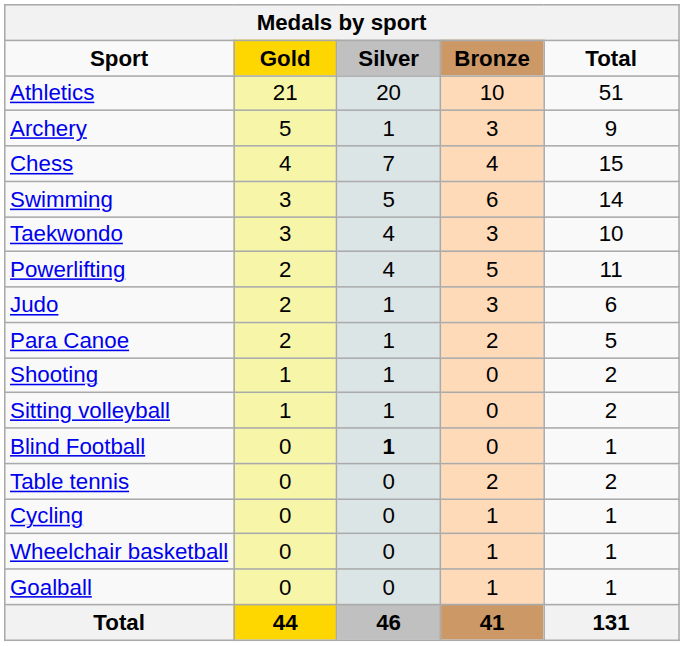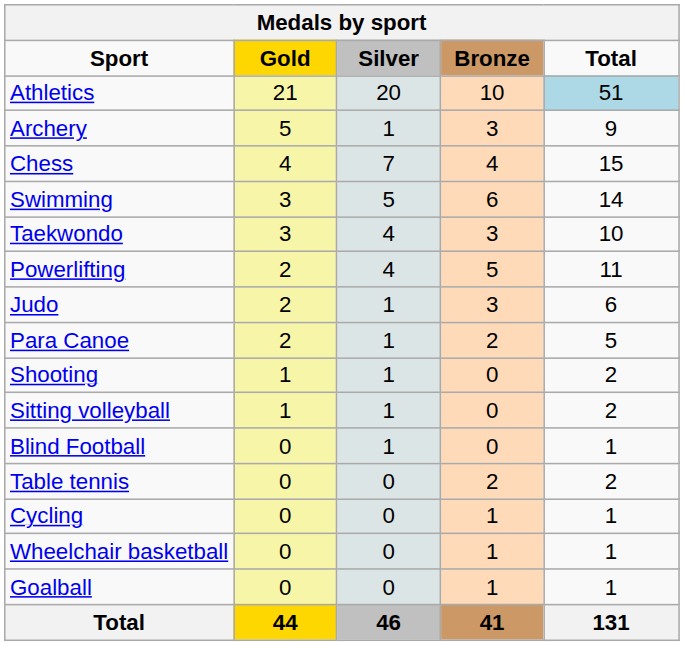 <table class="wikitable" style="font-size:90%; text-align:center;">
 <tr style="background:#efefef;">
 <th colspan=5>Medals by sport</th>
 </tr>
 <tr>
 <td><strong>Sport</strong></td>
 <td width=60 style="background:gold;"><strong>Gold </strong></td>
 <td width=60 style="background:silver;"><strong>Silver </strong></td>
 <td width=60 style="background:#c96;"><strong>Bronze </strong></td>
 <td width=80><strong>Total</strong></td>
 </tr>
 <tr>
 <td align=left> <a href='#'>Athletics</a></td>
 <td style="background:#F7F6A8;">21</td>
 <td style="background:#DCE5E5;">20</td>
 <td style="background:#FFDAB9;">10</td>
-<td>51</td>
+<td style="background: lightblue;">51</td>
 </tr>
 <tr>
 <td align=left> <a href='#'>Archery</a></td>
 <td style="background:#F7F6A8;">5</td>
 <td style="background:#DCE5E5;">1</td>
 <td style="background:#FFDAB9;">3</td>
 <td>9</td>
 </tr>
 <tr>
 <td align=left> <a href='#'>Chess</a></td>
 <td style="background:#F7F6A8;">4</td>
 <td style="background:#DCE5E5;">7</td>
 <td style="background:#FFDAB9;">4</td>
 <td>15</td>
 </tr>
 <tr>
 <td align=left> <a href='#'>Swimming</a></td>
 <td style="background:#F7F6A8;">3</td>
 <td style="background:#DCE5E5;">5</td>
 <td style="background:#FFDAB9;">6</td>
 <td>14</td>
 </tr>
 <tr>
 <td align=left> <a href='#'>Taekwondo</a></td>
 <td style="background:#F7F6A8;">3</td>
 <td style="background:#DCE5E5;">4</td>
 <td style="background:#FFDAB9;">3</td>
 <td>10</td>
 </tr>
 <tr>
 <td align=left> <a href='#'>Powerlifting</a></td>
 <td style="background:#F7F6A8;">2</td>
 <td style="background:#DCE5E5;">4</td>
 <td style="background:#FFDAB9;">5</td>
 <td>11</td>
 </tr>
 <tr>
 <td align=left> <a href='#'>Judo</a></td>
 <td style="background:#F7F6A8;">2</td>
 <td style="background:#DCE5E5;">1</td>
 <td style="background:#FFDAB9;">3</td>
 <td>6</td>
 </tr>
 <tr>
 <td align=left> <a href='#'>Para Canoe</a></td>
 <td style="background:#F7F6A8;">2</td>
 <td style="background:#DCE5E5;">1</td>
 <td style="background:#FFDAB9;">2</td>
 <td>5</td>
 </tr>
 <tr>
 <td align=left> <a href='#'>Shooting</a></td>
 <td style="background:#F7F6A8;">1</td>
 <td style="background:#DCE5E5;">1</td>
 <td style="background:#FFDAB9;">0</td>
 <td>2</td>
 </tr>
 <tr>
 <td align=left> <a href='#'>Sitting volleyball</a></td>
 <td style="background:#F7F6A8;">1</td>
 <td style="background:#DCE5E5;">1</td>
 <td style="background:#FFDAB9;">0</td>
 <td>2</td>
 </tr>
 <tr>
 <td align=left> <a href='#'>Blind Football</a></td>
 <td style="background:#F7F6A8;">0</td>
-<td style="background:#DCE5E5;"><strong>1</strong></td>
+<td style="background:#DCE5E5;">1</td>
 <td style="background:#FFDAB9;">0</td>
 <td>1</td>
 </tr>
 <tr>
 <td align=left> <a href='#'>Table tennis</a></td>
 <td style="background:#F7F6A8;">0</td>
 <td style="background:#DCE5E5;">0</td>
 <td style="background:#FFDAB9;">2</td>
 <td>2</td>
 </tr>
 <tr>
 <td align=left> <a href='#'>Cycling</a></td>
 <td style="background:#F7F6A8;">0</td>
 <td style="background:#DCE5E5;">0</td>
 <td style="background:#FFDAB9;">1</td>
 <td>1</td>
 </tr>
 <tr>
 <td align=left> <a href='#'>Wheelchair basketball</a></td>
 <td style="background:#F7F6A8;">0</td>
 <td style="background:#DCE5E5;">0</td>
 <td style="background:#FFDAB9;">1</td>
 <td>1</td>
 </tr>
 <tr>
 <td align=left> <a href='#'>Goalball</a></td>
 <td style="background:#F7F6A8;">0</td>
 <td style="background:#DCE5E5;">0</td>
 <td style="background:#FFDAB9;">1</td>
 <td>1</td>
 </tr>
 <tr>
 <th>Total</th>
 <th style="background:gold;">44</th>
 <th style="background:silver;">46</th>
 <th style="background:#c96;">41</th>
 <th>131</th>
 </tr>
 </table>
